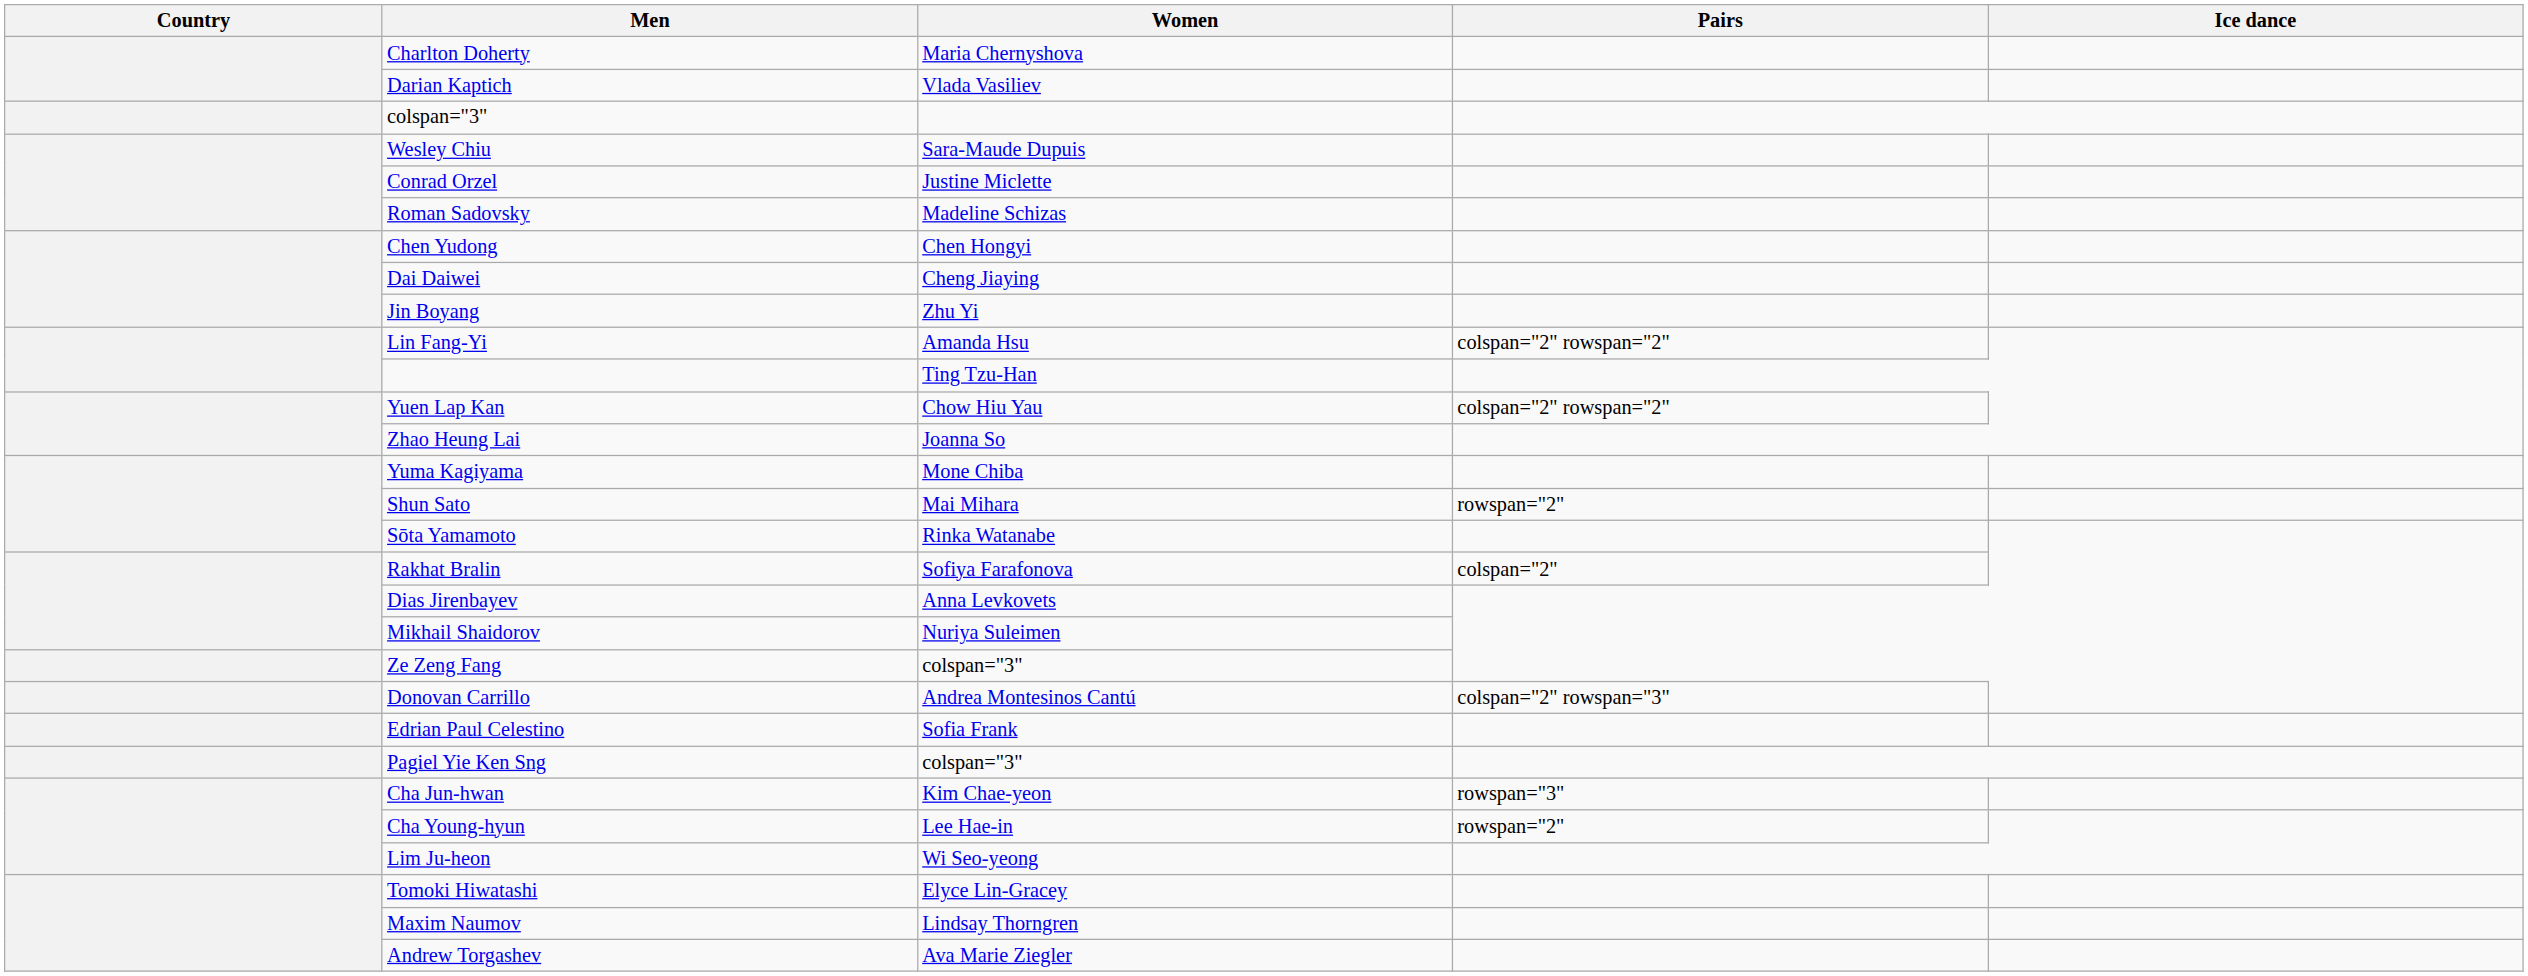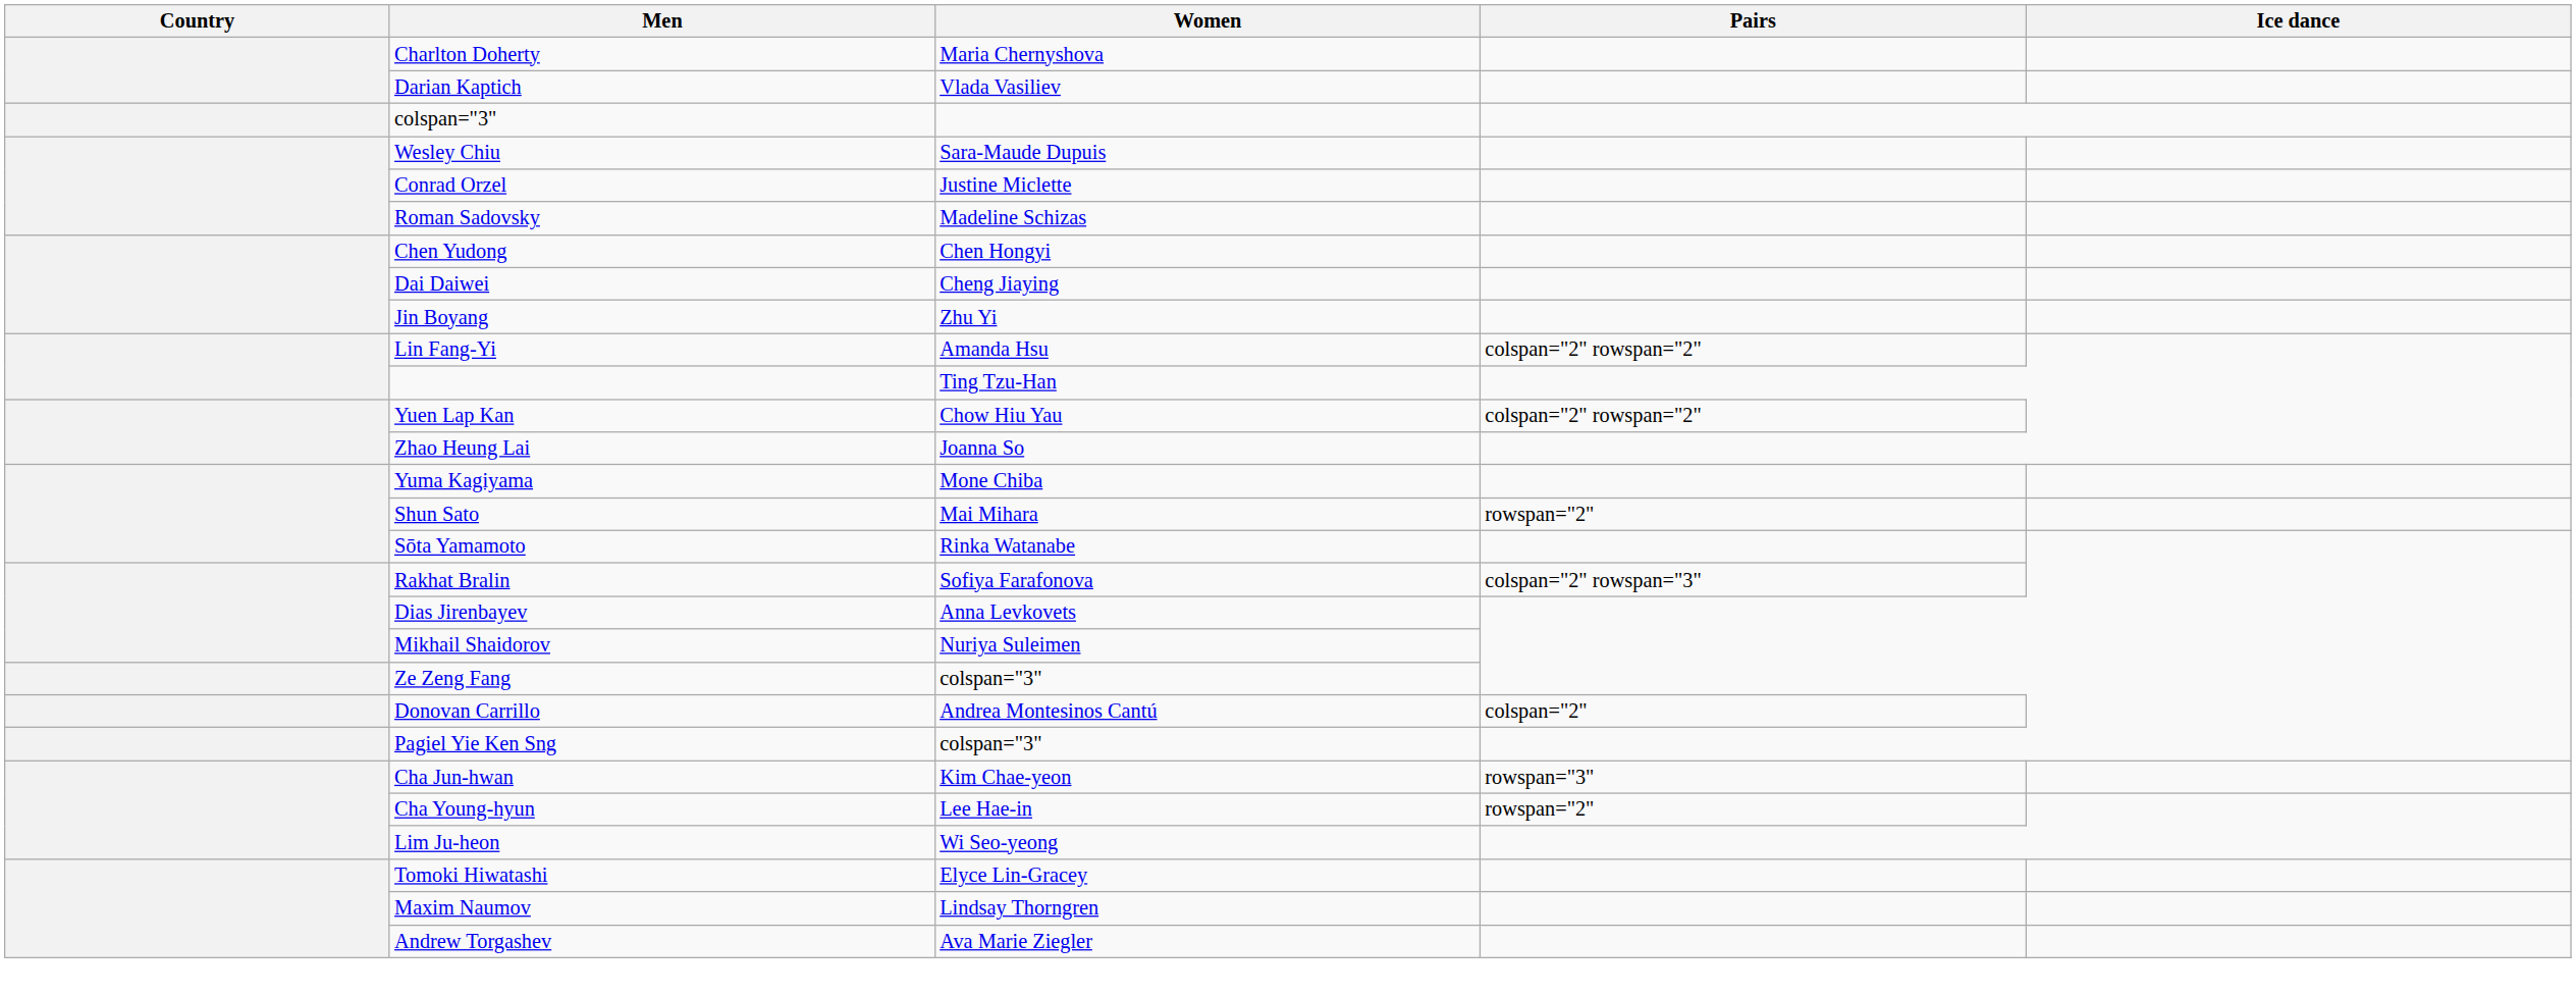 <table class="wikitable unsortable" style="text-align:left; width:100%">
 <tr>
 <th scope="col" style="width:15%">Country</th>
 <th scope="col" style="width:21.25%">Men</th>
 <th scope="col" style="width:21.25%">Women</th>
 <th scope="col" style="width:21.25%">Pairs</th>
 <th scope="col" style="width:21.25%">Ice dance</th>
 </tr>
 <tr>
 <th rowspan="2" scope="row" style="text-align:left"></th>
 <td><a href='#'>Charlton Doherty</a></td>
 <td><a href='#'>Maria Chernyshova</a></td>
 <td></td>
 <td></td>
 </tr>
 <tr>
 <td><a href='#'>Darian Kaptich</a></td>
 <td><a href='#'>Vlada Vasiliev</a></td>
 <td></td>
 <td></td>
 </tr>
 <tr>
 <th scope="row" style="text-align:left"></th>
 <td>colspan="3" </td>
 <td></td>
 </tr>
 <tr>
 <th rowspan="3" scope="row" style="text-align:left"></th>
 <td><a href='#'>Wesley Chiu</a></td>
 <td><a href='#'>Sara-Maude Dupuis</a></td>
 <td></td>
 <td></td>
 </tr>
 <tr>
 <td><a href='#'>Conrad Orzel</a></td>
 <td><a href='#'>Justine Miclette</a></td>
 <td></td>
 <td></td>
 </tr>
 <tr>
 <td><a href='#'>Roman Sadovsky</a></td>
 <td><a href='#'>Madeline Schizas</a></td>
 <td></td>
 <td></td>
 </tr>
 <tr>
 <th rowspan="3" scope="row" style="text-align:left"></th>
 <td><a href='#'>Chen Yudong</a></td>
 <td><a href='#'>Chen Hongyi</a></td>
 <td></td>
 <td></td>
 </tr>
 <tr>
 <td><a href='#'>Dai Daiwei</a></td>
 <td><a href='#'>Cheng Jiaying</a></td>
 <td></td>
 <td></td>
 </tr>
 <tr>
 <td><a href='#'>Jin Boyang</a></td>
 <td><a href='#'>Zhu Yi</a></td>
 <td></td>
 <td></td>
 </tr>
 <tr>
 <th rowspan="2" scope="row" style="text-align:left"></th>
 <td><a href='#'>Lin Fang-Yi</a></td>
 <td><a href='#'>Amanda Hsu</a></td>
 <td>colspan="2" rowspan="2" </td>
 </tr>
 <tr>
 <td></td>
 <td><a href='#'>Ting Tzu-Han</a></td>
 </tr>
 <tr>
 <th rowspan="2" scope="row" style="text-align:left"></th>
 <td><a href='#'>Yuen Lap Kan</a></td>
 <td><a href='#'>Chow Hiu Yau</a></td>
 <td>colspan="2" rowspan="2" </td>
 </tr>
 <tr>
 <td><a href='#'>Zhao Heung Lai</a></td>
 <td><a href='#'>Joanna So</a></td>
 </tr>
 <tr>
 <th rowspan="3" scope="row" style="text-align:left"></th>
 <td><a href='#'>Yuma Kagiyama</a></td>
 <td><a href='#'>Mone Chiba</a></td>
 <td></td>
 <td></td>
 </tr>
 <tr>
 <td><a href='#'>Shun Sato</a></td>
 <td><a href='#'>Mai Mihara</a></td>
 <td>rowspan="2" </td>
 <td></td>
 </tr>
 <tr>
 <td><a href='#'>Sōta Yamamoto</a></td>
 <td><a href='#'>Rinka Watanabe</a></td>
 <td></td>
 </tr>
 <tr>
 <th rowspan="3" scope="row" style="text-align:left"></th>
 <td><a href='#'>Rakhat Bralin</a></td>
 <td><a href='#'>Sofiya Farafonova</a></td>
-<td>colspan="2" </td>
+<td>colspan="2" rowspan="3" </td>
 </tr>
 <tr>
 <td><a href='#'>Dias Jirenbayev</a></td>
 <td><a href='#'>Anna Levkovets</a></td>
 </tr>
 <tr>
 <td><a href='#'>Mikhail Shaidorov</a></td>
 <td><a href='#'>Nuriya Suleimen</a></td>
 </tr>
 <tr>
 <th scope="row" style="text-align:left"></th>
 <td><a href='#'>Ze Zeng Fang</a></td>
 <td>colspan="3" </td>
 </tr>
 <tr>
 <th scope="row" style="text-align:left"></th>
 <td><a href='#'>Donovan Carrillo</a></td>
 <td><a href='#'>Andrea Montesinos Cantú</a></td>
-<td>colspan="2" rowspan="3" </td>
-</tr>
-<tr>
-<th scope="row" style="text-align:left"></th>
-<td><a href='#'>Edrian Paul Celestino</a></td>
-<td><a href='#'>Sofia Frank</a></td>
-<td></td>
-<td></td>
+<td>colspan="2" </td>
 </tr>
 <tr>
 <th scope="row" style="text-align:left"></th>
 <td><a href='#'>Pagiel Yie Ken Sng</a></td>
 <td>colspan="3" </td>
 </tr>
 <tr>
 <th rowspan="3" scope="row" style="text-align:left"></th>
 <td><a href='#'>Cha Jun-hwan</a></td>
 <td><a href='#'>Kim Chae-yeon</a></td>
 <td>rowspan="3" </td>
 <td></td>
 </tr>
 <tr>
 <td><a href='#'>Cha Young-hyun</a></td>
 <td><a href='#'>Lee Hae-in</a></td>
 <td>rowspan="2" </td>
 </tr>
 <tr>
 <td><a href='#'>Lim Ju-heon</a></td>
 <td><a href='#'>Wi Seo-yeong</a></td>
 </tr>
 <tr>
 <th rowspan="3" scope="row" style="text-align:left"></th>
 <td><a href='#'>Tomoki Hiwatashi</a></td>
 <td><a href='#'>Elyce Lin-Gracey</a></td>
 <td></td>
 <td></td>
 </tr>
 <tr>
 <td><a href='#'>Maxim Naumov</a></td>
 <td><a href='#'>Lindsay Thorngren</a></td>
 <td></td>
 <td></td>
 </tr>
 <tr>
 <td><a href='#'>Andrew Torgashev</a></td>
 <td><a href='#'>Ava Marie Ziegler</a></td>
 <td></td>
 <td></td>
 </tr>
 </table>
